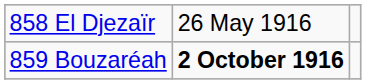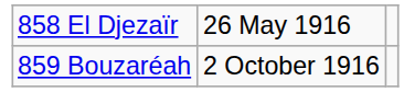 <table class="wikitable" align=right style="margin-top: 0; margin-left: 1em; font-size: 0.9em;">
 <tr>
 <td><a href='#'>858 El Djezaïr</a></td>
 <td>26 May 1916</td>
 <td></td>
 </tr>
 <tr>
 <td><a href='#'>859 Bouzaréah</a></td>
-<td><strong>2 October 1916</strong></td>
+<td>2 October 1916</td>
 <td></td>
 </tr>
 </table>
